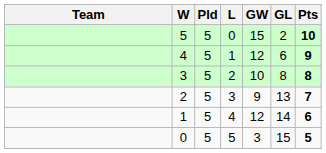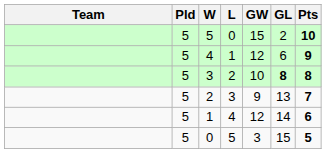 <table class="wikitable" style="text-align:center">
 <tr>
 <th width=200>Team</th>
+<th width=20>Pld</th>
 <th width=20>W</th>
-<th width=20>Pld</th>
 <th width=20>L</th>
 <th width=20>GW</th>
 <th width=20>GL</th>
 <th width=20>Pts</th>
 </tr>
 <tr bgcolor=ccffcc>
 <td style="text-align:left;"></td>
 <td>5</td>
 <td>5</td>
 <td>0</td>
 <td>15</td>
 <td>2</td>
 <td><strong>10</strong></td>
 </tr>
 <tr bgcolor=ccffcc>
 <td style="text-align:left;"></td>
+<td>5</td>
 <td>4</td>
-<td>5</td>
 <td>1</td>
 <td>12</td>
 <td>6</td>
 <td><strong>9</strong></td>
 </tr>
 <tr bgcolor=ccffcc>
 <td style="text-align:left;"></td>
+<td>5</td>
 <td>3</td>
-<td>5</td>
 <td>2</td>
 <td>10</td>
-<td>8</td>
+<td><strong>8</strong></td>
 <td><strong>8</strong></td>
 </tr>
 <tr>
 <td style="text-align:left;"></td>
+<td>5</td>
 <td>2</td>
-<td>5</td>
 <td>3</td>
 <td>9</td>
 <td>13</td>
 <td><strong>7</strong></td>
 </tr>
 <tr>
 <td style="text-align:left;"></td>
+<td>5</td>
 <td>1</td>
-<td>5</td>
 <td>4</td>
 <td>12</td>
 <td>14</td>
 <td><strong>6</strong></td>
 </tr>
 <tr>
 <td style="text-align:left;"></td>
+<td>5</td>
 <td>0</td>
-<td>5</td>
 <td>5</td>
 <td>3</td>
 <td>15</td>
 <td><strong>5</strong></td>
 </tr>
 </table>
